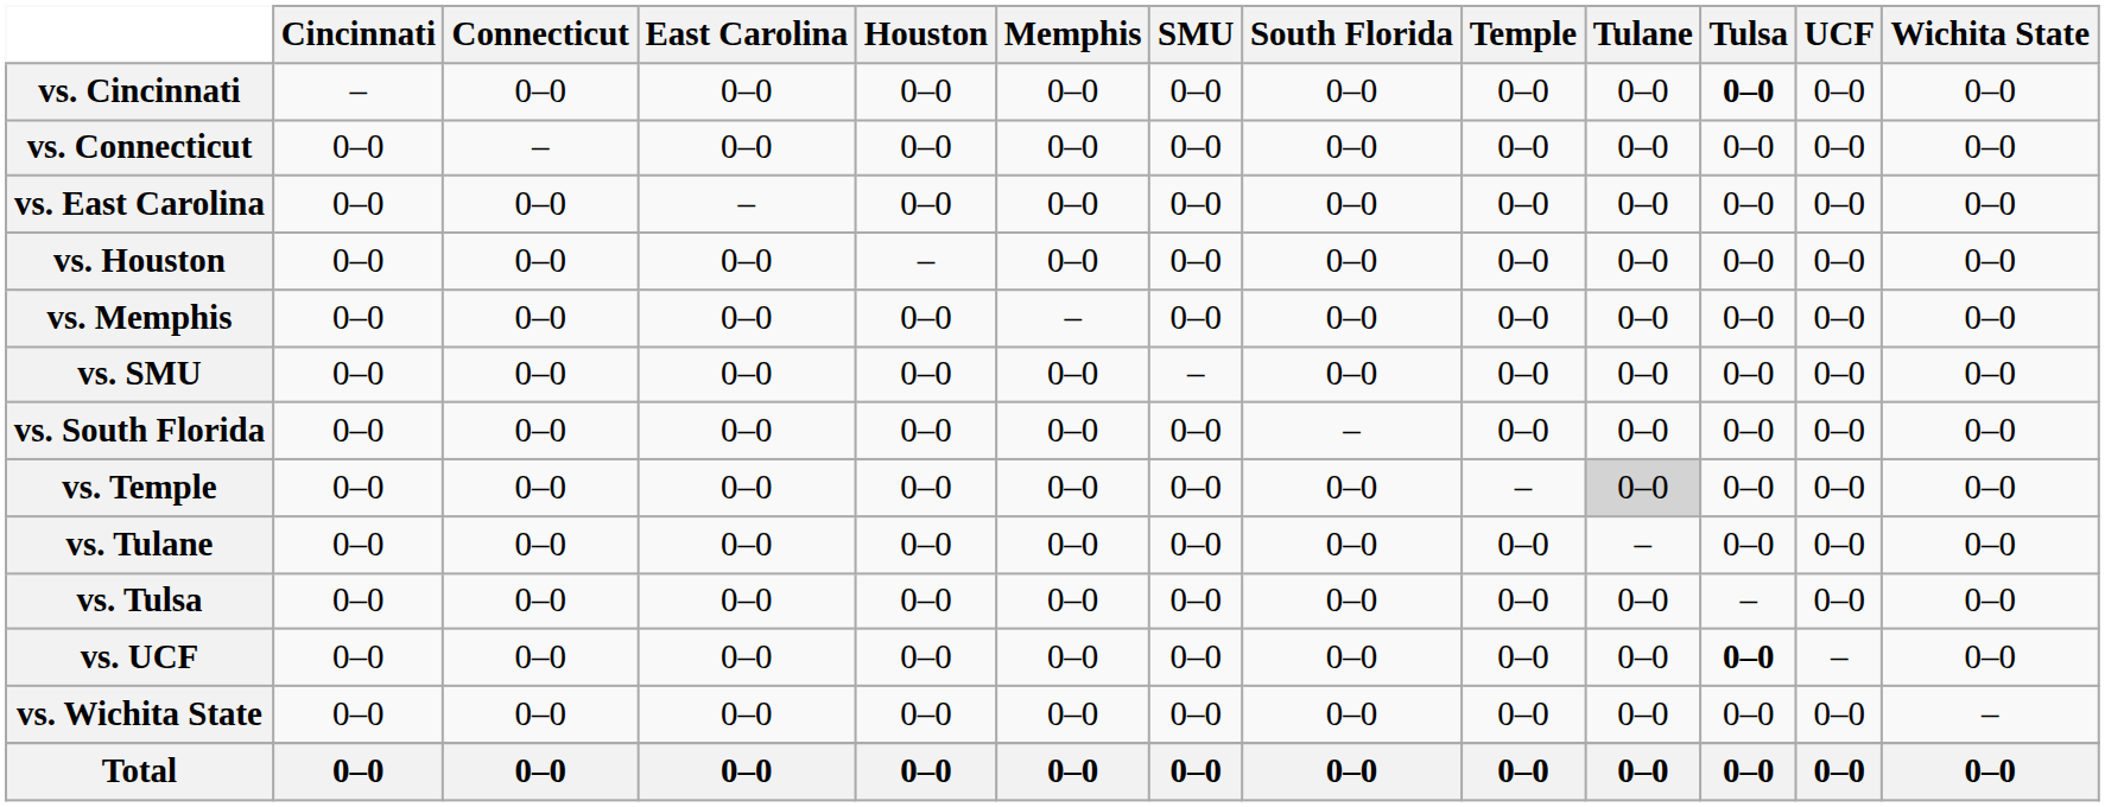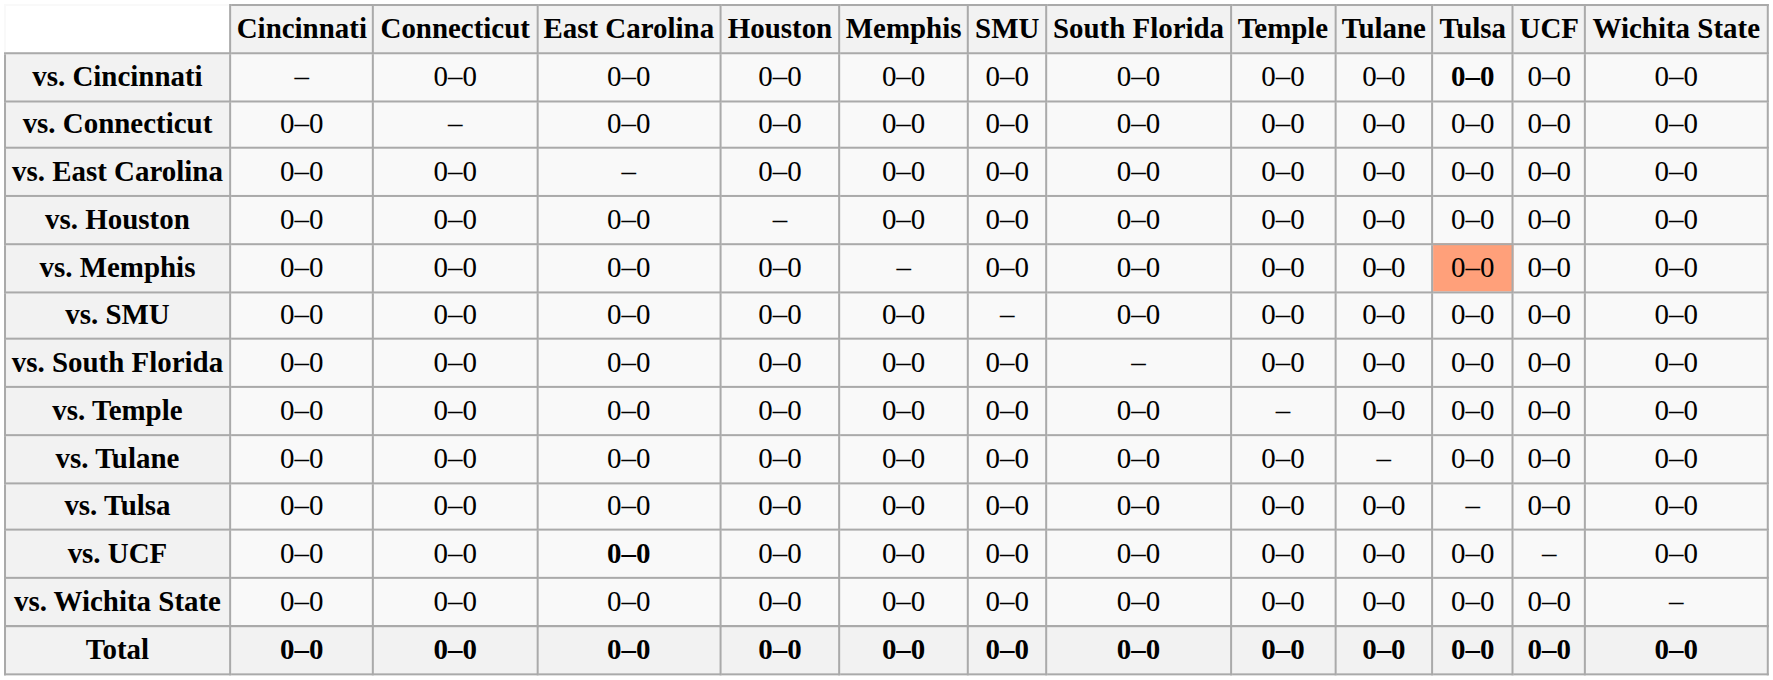 <table class="wikitable" style="white-space:nowrap;font-size:90%;">
 <tr>
 <th colspan="1" style="background:white; border-top-style:hidden; border-left-style:hidden;" width="75"> </th>
 <th>Cincinnati</th>
 <th>Connecticut</th>
 <th>East Carolina</th>
 <th>Houston</th>
 <th>Memphis</th>
 <th>SMU</th>
 <th>South Florida</th>
 <th>Temple</th>
 <th>Tulane</th>
 <th>Tulsa</th>
 <th>UCF</th>
 <th>Wichita State</th>
 </tr>
 <tr style="text-align:center;">
 <th>vs. Cincinnati</th>
 <td>–</td>
 <td>0–0</td>
 <td>0–0</td>
 <td>0–0</td>
 <td>0–0</td>
 <td>0–0</td>
 <td>0–0</td>
 <td>0–0</td>
 <td>0–0</td>
 <td><strong>0–0</strong></td>
 <td>0–0</td>
 <td>0–0</td>
 </tr>
 <tr style="text-align:center;">
 <th>vs. Connecticut</th>
 <td>0–0</td>
 <td>–</td>
 <td>0–0</td>
 <td>0–0</td>
 <td>0–0</td>
 <td>0–0</td>
 <td>0–0</td>
 <td>0–0</td>
 <td>0–0</td>
 <td>0–0</td>
 <td>0–0</td>
 <td>0–0</td>
 </tr>
 <tr style="text-align:center;">
 <th>vs. East Carolina</th>
 <td>0–0</td>
 <td>0–0</td>
 <td>–</td>
 <td>0–0</td>
 <td>0–0</td>
 <td>0–0</td>
 <td>0–0</td>
 <td>0–0</td>
 <td>0–0</td>
 <td>0–0</td>
 <td>0–0</td>
 <td>0–0</td>
 </tr>
 <tr style="text-align:center;">
 <th>vs. Houston</th>
 <td>0–0</td>
 <td>0–0</td>
 <td>0–0</td>
 <td>–</td>
 <td>0–0</td>
 <td>0–0</td>
 <td>0–0</td>
 <td>0–0</td>
 <td>0–0</td>
 <td>0–0</td>
 <td>0–0</td>
 <td>0–0</td>
 </tr>
 <tr style="text-align:center;">
 <th>vs. Memphis</th>
 <td>0–0</td>
 <td>0–0</td>
 <td>0–0</td>
 <td>0–0</td>
 <td>–</td>
 <td>0–0</td>
 <td>0–0</td>
 <td>0–0</td>
 <td>0–0</td>
-<td>0–0</td>
+<td style="background: lightsalmon;">0–0</td>
 <td>0–0</td>
 <td>0–0</td>
 </tr>
 <tr style="text-align:center;">
 <th>vs. SMU</th>
 <td>0–0</td>
 <td>0–0</td>
 <td>0–0</td>
 <td>0–0</td>
 <td>0–0</td>
 <td>–</td>
 <td>0–0</td>
 <td>0–0</td>
 <td>0–0</td>
 <td>0–0</td>
 <td>0–0</td>
 <td>0–0</td>
 </tr>
 <tr style="text-align:center;">
 <th>vs. South Florida</th>
 <td>0–0</td>
 <td>0–0</td>
 <td>0–0</td>
 <td>0–0</td>
 <td>0–0</td>
 <td>0–0</td>
 <td>–</td>
 <td>0–0</td>
 <td>0–0</td>
 <td>0–0</td>
 <td>0–0</td>
 <td>0–0</td>
 </tr>
 <tr style="text-align:center;">
 <th>vs. Temple</th>
 <td>0–0</td>
 <td>0–0</td>
 <td>0–0</td>
 <td>0–0</td>
 <td>0–0</td>
 <td>0–0</td>
 <td>0–0</td>
 <td>–</td>
-<td style="background: lightgrey;">0–0</td>
+<td>0–0</td>
 <td>0–0</td>
 <td>0–0</td>
 <td>0–0</td>
 </tr>
 <tr style="text-align:center;">
 <th>vs. Tulane</th>
 <td>0–0</td>
 <td>0–0</td>
 <td>0–0</td>
 <td>0–0</td>
 <td>0–0</td>
 <td>0–0</td>
 <td>0–0</td>
 <td>0–0</td>
 <td>–</td>
 <td>0–0</td>
 <td>0–0</td>
 <td>0–0</td>
 </tr>
 <tr style="text-align:center;">
 <th>vs. Tulsa</th>
 <td>0–0</td>
 <td>0–0</td>
 <td>0–0</td>
 <td>0–0</td>
 <td>0–0</td>
 <td>0–0</td>
 <td>0–0</td>
 <td>0–0</td>
 <td>0–0</td>
 <td>–</td>
 <td>0–0</td>
 <td>0–0</td>
 </tr>
 <tr style="text-align:center;">
 <th>vs. UCF</th>
 <td>0–0</td>
 <td>0–0</td>
+<td><strong>0–0</strong></td>
 <td>0–0</td>
 <td>0–0</td>
 <td>0–0</td>
 <td>0–0</td>
 <td>0–0</td>
 <td>0–0</td>
 <td>0–0</td>
-<td><strong>0–0</strong></td>
 <td>–</td>
 <td>0–0</td>
 </tr>
 <tr style="text-align:center;">
 <th>vs. Wichita State</th>
 <td>0–0</td>
 <td>0–0</td>
 <td>0–0</td>
 <td>0–0</td>
 <td>0–0</td>
 <td>0–0</td>
 <td>0–0</td>
 <td>0–0</td>
 <td>0–0</td>
 <td>0–0</td>
 <td>0–0</td>
 <td>–</td>
 </tr>
 <tr>
 </tr>
 <tr style="text-align:center;">
 <th>Total</th>
 <th>0–0</th>
 <th>0–0</th>
 <th>0–0</th>
 <th>0–0</th>
 <th>0–0</th>
 <th>0–0</th>
 <th>0–0</th>
 <th>0–0</th>
 <th>0–0</th>
 <th>0–0</th>
 <th>0–0</th>
 <th>0–0</th>
 </tr>
 </table>
